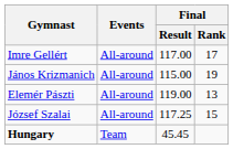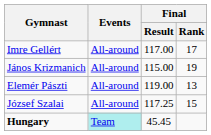 <table class=wikitable style="font-size:90%">
 <tr>
 <th rowspan="2">Gymnast</th>
 <th rowspan="2">Events</th>
 <th colspan="2">Final</th>
 </tr>
 <tr>
 <th>Result</th>
 <th>Rank</th>
 </tr>
 <tr>
 <td><a href='#'>Imre Gellért</a></td>
 <td><a href='#'>All-around</a></td>
 <td align=center>117.00</td>
 <td align=center>17</td>
 </tr>
 <tr>
 <td><a href='#'>János Krizmanich</a></td>
 <td><a href='#'>All-around</a></td>
 <td align=center>115.00</td>
 <td align=center>19</td>
 </tr>
 <tr>
 <td><a href='#'>Elemér Pászti</a></td>
 <td><a href='#'>All-around</a></td>
 <td align=center>119.00</td>
 <td align=center>13</td>
 </tr>
 <tr>
 <td><a href='#'>József Szalai</a></td>
 <td><a href='#'>All-around</a></td>
 <td align=center>117.25</td>
 <td align=center>15</td>
 </tr>
 <tr>
 <td><strong>Hungary</strong></td>
-<td><a href='#'>Team</a></td>
+<td style="background: paleturquoise;"><a href='#'>Team</a></td>
 <td align=center>45.45</td>
 <td align=center></td>
 </tr>
 </table>
